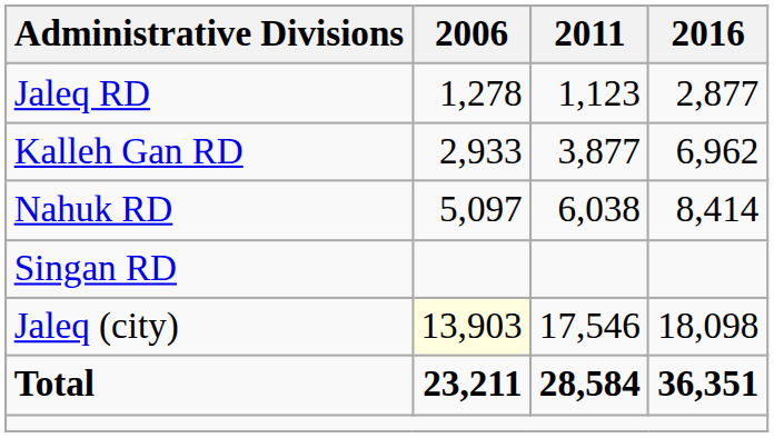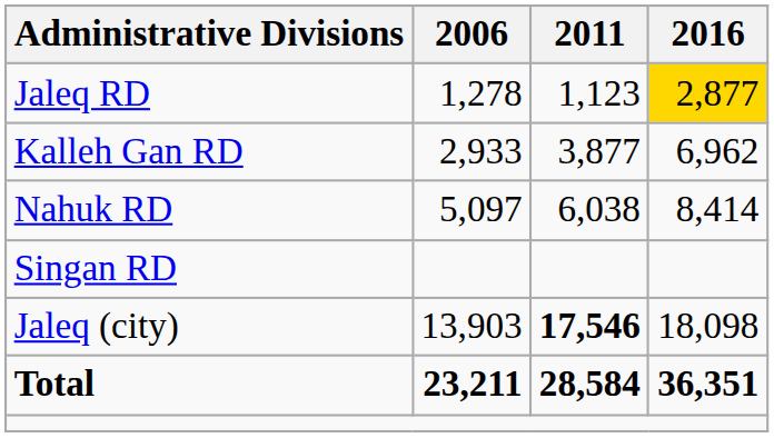 <table class="wikitable">
 <tr>
 <th>Administrative Divisions</th>
 <th>2006</th>
 <th>2011</th>
 <th>2016</th>
 </tr>
 <tr>
 <td><a href='#'>Jaleq RD</a></td>
 <td style="text-align: right;">1,278</td>
 <td style="text-align: right;">1,123</td>
-<td style="text-align: right;">2,877</td>
+<td style="background: gold; text-align: right;">2,877</td>
 </tr>
 <tr>
 <td><a href='#'>Kalleh Gan RD</a></td>
 <td style="text-align: right;">2,933</td>
 <td style="text-align: right;">3,877</td>
 <td style="text-align: right;">6,962</td>
 </tr>
 <tr>
 <td><a href='#'>Nahuk RD</a></td>
 <td style="text-align: right;">5,097</td>
 <td style="text-align: right;">6,038</td>
 <td style="text-align: right;">8,414</td>
 </tr>
 <tr>
 <td><a href='#'>Singan RD</a></td>
 <td style="text-align: right;"></td>
 <td style="text-align: right;"></td>
 <td style="text-align: right;"></td>
 </tr>
 <tr>
 <td><a href='#'>Jaleq</a> (city)</td>
-<td style="background: lightyellow; text-align: right;">13,903</td>
-<td style="text-align: right;">17,546</td>
+<td style="text-align: right;">13,903</td>
+<td style="text-align: right;"><strong>17,546</strong></td>
 <td style="text-align: right;">18,098</td>
 </tr>
 <tr>
 <td><strong>Total</strong></td>
 <td style="text-align: right;"><strong>23,211</strong></td>
 <td style="text-align: right;"><strong>28,584</strong></td>
 <td style="text-align: right;"><strong>36,351</strong></td>
 </tr>
 <tr>
 <td colspan=4></td>
 </tr>
 </table>
